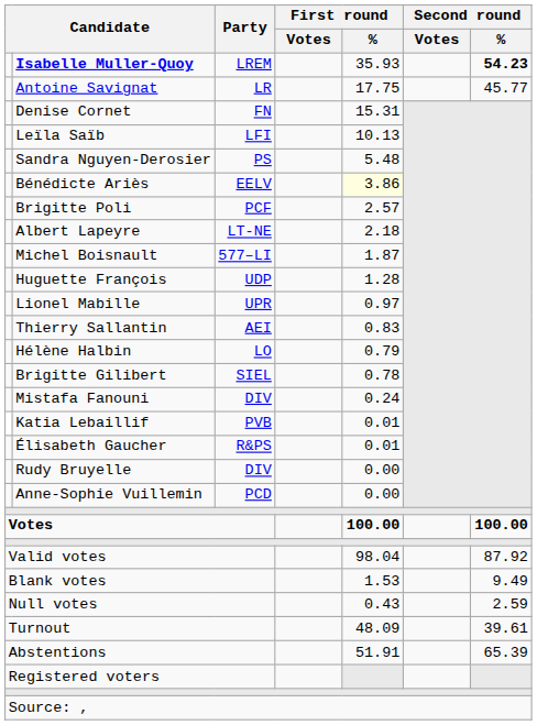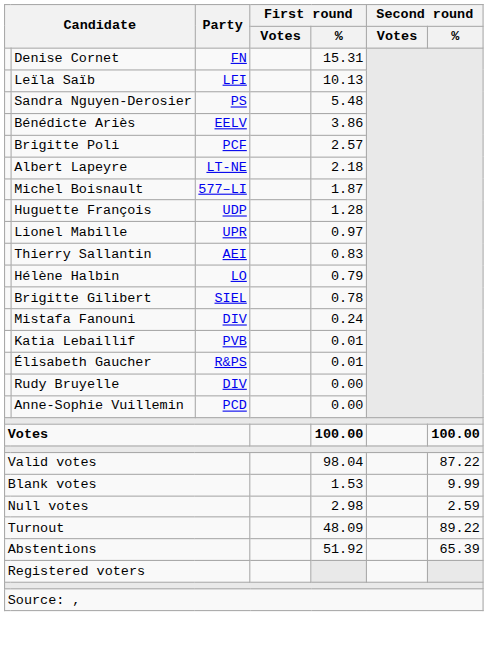 <table class="wikitable" style="text-align:right;font-size:95%;">
 <tr>
 <th rowspan="2" colspan="2">Candidate</th>
 <th rowspan="2">Party</th>
 <th colspan="2">First round</th>
 <th colspan="2">Second round</th>
 </tr>
 <tr>
 <th style="width:50px;">Votes</th>
 <th style="width:45px;">%</th>
 <th style="width:50px;">Votes</th>
 <th style="width:45px;">%</th>
-</tr>
-<tr>
-<td style="background:"></td>
-<td style="text-align:left;"><strong><a href='#'>Isabelle Muller-Quoy</a></strong></td>
-<td><a href='#'>LREM</a></td>
-<td></td>
-<td>35.93</td>
-<td><strong></strong></td>
-<td><strong>54.23</strong></td>
-</tr>
-<tr>
-<td style="background:"></td>
-<td style="text-align:left;"><a href='#'>Antoine Savignat</a></td>
-<td><a href='#'>LR</a></td>
-<td></td>
-<td>17.75</td>
-<td></td>
-<td>45.77</td>
 </tr>
 <tr>
 <td style="background:"></td>
 <td style="text-align:left;">Denise Cornet</td>
 <td><a href='#'>FN</a></td>
 <td></td>
 <td>15.31</td>
 <td colspan="2" rowspan="17" style="background:#E9E9E9;"></td>
 </tr>
 <tr>
 <td style="background:"></td>
 <td style="text-align:left;">Leïla Saïb</td>
 <td><a href='#'>LFI</a></td>
 <td></td>
 <td>10.13</td>
 </tr>
 <tr>
 <td style="background:"></td>
 <td style="text-align:left;">Sandra Nguyen-Derosier</td>
 <td><a href='#'>PS</a></td>
 <td></td>
 <td>5.48</td>
 </tr>
 <tr>
 <td style="background:"></td>
 <td style="text-align:left;">Bénédicte Ariès</td>
 <td><a href='#'>EELV</a></td>
 <td></td>
-<td style="background: lightyellow;">3.86</td>
+<td>3.86</td>
 </tr>
 <tr>
 <td style="background:"></td>
 <td style="text-align:left;">Brigitte Poli</td>
 <td><a href='#'>PCF</a></td>
 <td></td>
 <td>2.57</td>
 </tr>
 <tr>
 <td style="background:"></td>
 <td style="text-align:left;">Albert Lapeyre</td>
 <td><a href='#'>LT-NE</a></td>
 <td></td>
 <td>2.18</td>
 </tr>
 <tr>
 <td style="background:"></td>
 <td style="text-align:left;">Michel Boisnault</td>
 <td><a href='#'>577–LI</a></td>
 <td></td>
 <td>1.87</td>
 </tr>
 <tr>
 <td style="background:"></td>
 <td style="text-align:left;">Huguette François</td>
 <td><a href='#'>UDP</a></td>
 <td></td>
 <td>1.28</td>
 </tr>
 <tr>
 <td style="background:"></td>
 <td style="text-align:left;">Lionel Mabille</td>
 <td><a href='#'>UPR</a></td>
 <td></td>
 <td>0.97</td>
 </tr>
 <tr>
 <td style="background:"></td>
 <td style="text-align:left;">Thierry Sallantin</td>
 <td><a href='#'>AEI</a></td>
 <td></td>
 <td>0.83</td>
 </tr>
 <tr>
 <td style="background:"></td>
 <td style="text-align:left;">Hélène Halbin</td>
 <td><a href='#'>LO</a></td>
 <td></td>
 <td>0.79</td>
 </tr>
 <tr>
 <td style="background:"></td>
 <td style="text-align:left;">Brigitte Gilibert</td>
 <td><a href='#'>SIEL</a></td>
 <td></td>
 <td>0.78</td>
 </tr>
 <tr>
 <td style="background:"></td>
 <td style="text-align:left;">Mistafa Fanouni</td>
 <td><a href='#'>DIV</a></td>
 <td></td>
 <td>0.24</td>
 </tr>
 <tr>
 <td style="background:#FFFFFF;"></td>
 <td style="text-align:left;">Katia Lebaillif</td>
 <td><a href='#'>PVB</a></td>
 <td></td>
 <td>0.01</td>
 </tr>
 <tr>
 <td style="background:"></td>
 <td style="text-align:left;">Élisabeth Gaucher</td>
 <td><a href='#'>R&PS</a></td>
 <td></td>
 <td>0.01</td>
 </tr>
 <tr>
 <td style="background:"></td>
 <td style="text-align:left;">Rudy Bruyelle</td>
 <td><a href='#'>DIV</a></td>
 <td></td>
 <td>0.00</td>
 </tr>
 <tr>
 <td style="background:"></td>
 <td style="text-align:left;">Anne-Sophie Vuillemin</td>
 <td><a href='#'>PCD</a></td>
 <td></td>
 <td>0.00</td>
 </tr>
 <tr>
 <td colspan="7" style="background:#E9E9E9;"></td>
 </tr>
 <tr style="font-weight:bold;">
 <td colspan="3" style="text-align:left;">Votes</td>
 <td></td>
 <td>100.00</td>
 <td></td>
 <td>100.00</td>
 </tr>
 <tr>
 <td colspan="7" style="background:#E9E9E9;"></td>
 </tr>
 <tr>
 <td colspan="3" style="text-align:left;">Valid votes</td>
 <td></td>
 <td>98.04</td>
 <td></td>
-<td>87.92</td>
+<td>87.22</td>
 </tr>
 <tr>
 <td colspan="3" style="text-align:left;">Blank votes</td>
 <td></td>
 <td>1.53</td>
 <td></td>
-<td>9.49</td>
+<td>9.99</td>
 </tr>
 <tr>
 <td colspan="3" style="text-align:left;">Null votes</td>
 <td></td>
-<td>0.43</td>
+<td>2.98</td>
 <td></td>
 <td>2.59</td>
 </tr>
 <tr>
 <td colspan="3" style="text-align:left;">Turnout</td>
 <td></td>
 <td>48.09</td>
 <td></td>
-<td>39.61</td>
+<td>89.22</td>
 </tr>
 <tr>
 <td colspan="3" style="text-align:left;">Abstentions</td>
 <td></td>
-<td>51.91</td>
+<td>51.92</td>
 <td></td>
 <td>65.39</td>
 </tr>
 <tr>
 <td colspan="3" style="text-align:left;">Registered voters</td>
 <td></td>
 <td style="background:#E9E9E9;"></td>
 <td></td>
 <td style="background:#E9E9E9;"></td>
 </tr>
 <tr>
 <td colspan="7" style="background:#E9E9E9;"></td>
 </tr>
 <tr>
 <td colspan="7" style="text-align:left;">Source: , </td>
 </tr>
 </table>
